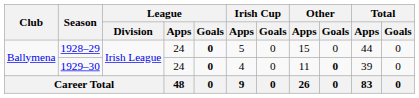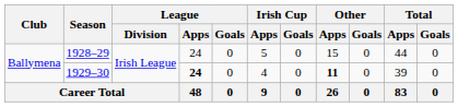 <table class="wikitable" style="text-align: center;">
 <tr>
 <th rowspan="2">Club</th>
 <th rowspan="2">Season</th>
 <th colspan="3">League</th>
 <th colspan="2">Irish Cup</th>
 <th colspan="2">Other</th>
 <th colspan="2">Total</th>
 </tr>
 <tr>
 <th>Division</th>
 <th>Apps</th>
 <th>Goals</th>
 <th>Apps</th>
 <th>Goals</th>
 <th>Apps</th>
 <th>Goals</th>
 <th>Apps</th>
 <th>Goals</th>
 </tr>
 <tr>
 <td rowspan="2"><a href='#'>Ballymena</a></td>
 <td><a href='#'>1928–29</a></td>
 <td rowspan="2"><a href='#'>Irish League</a></td>
 <td>24</td>
-<td><strong>0</strong></td>
+<td>0</td>
 <td>5</td>
 <td>0</td>
 <td>15</td>
 <td>0</td>
 <td>44</td>
 <td>0</td>
 </tr>
 <tr>
 <td><a href='#'>1929–30</a></td>
-<td>24</td>
-<td><strong>0</strong></td>
+<td><strong>24</strong></td>
+<td>0</td>
 <td>4</td>
 <td>0</td>
-<td>11</td>
-<td><strong>0</strong></td>
+<td><strong>11</strong></td>
+<td>0</td>
 <td>39</td>
 <td>0</td>
 </tr>
 <tr |->
 <th colspan="3">Career Total</th>
 <th>48</th>
 <th>0</th>
 <th>9</th>
 <th>0</th>
 <th>26</th>
 <th>0</th>
 <th>83</th>
 <th>0</th>
 </tr>
 </table>
